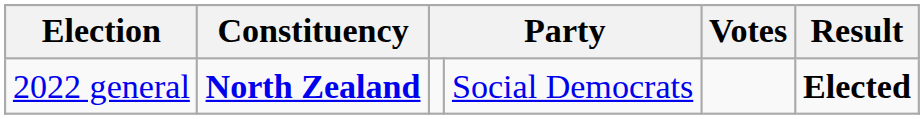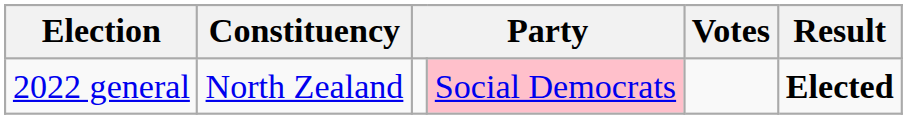 <table class="wikitable" style="text-align:left;">
 <tr>
 <th scope=col>Election</th>
 <th scope=col>Constituency</th>
 <th scope=col colspan="2">Party</th>
 <th scope=col>Votes</th>
 <th scope=col>Result</th>
 </tr>
 <tr>
 <td><a href='#'>2022 general</a></td>
-<td><strong><a href='#'>North Zealand</a></strong></td>
+<td><a href='#'>North Zealand</a></td>
 <td></td>
-<td><a href='#'>Social Democrats</a></td>
+<td style="background: pink;"><a href='#'>Social Democrats</a></td>
 <td align=right></td>
 <td><strong>Elected</strong></td>
 </tr>
 </table>
